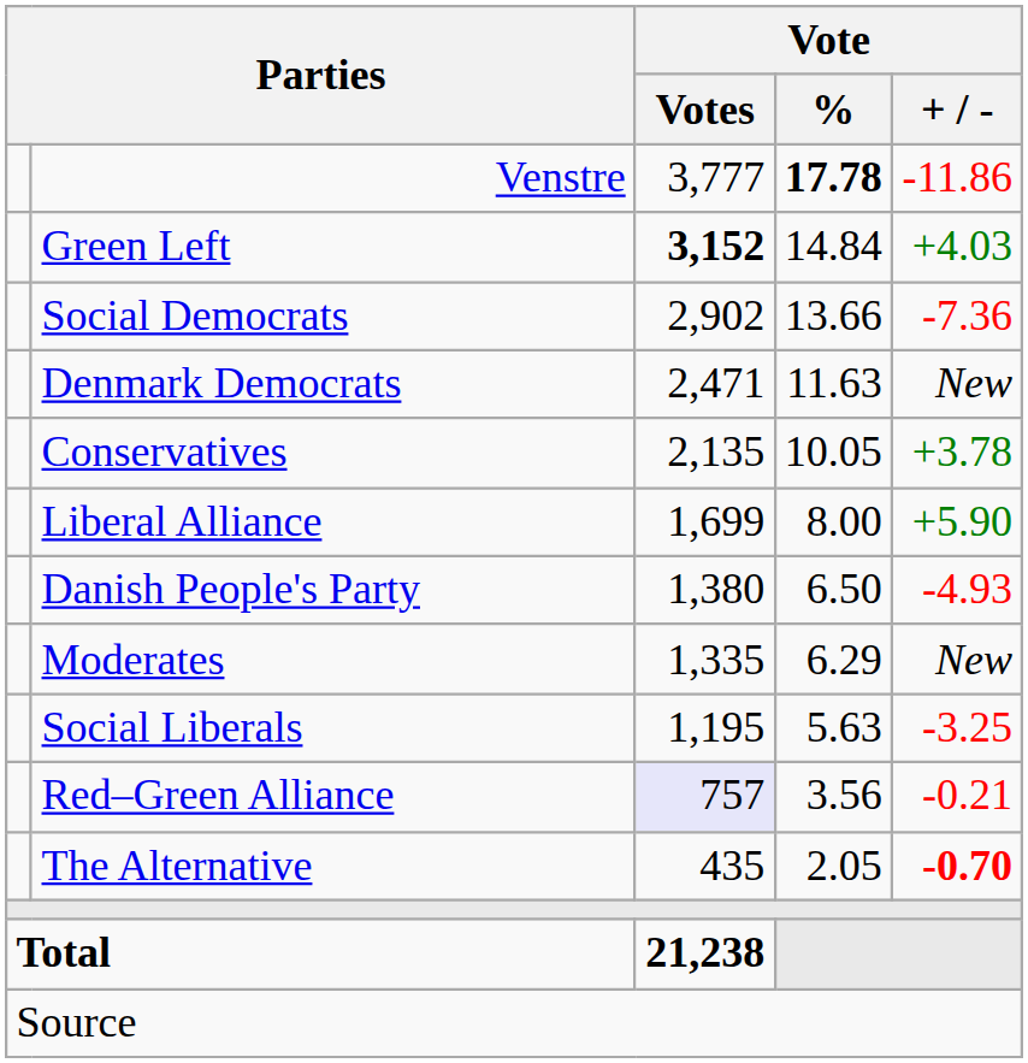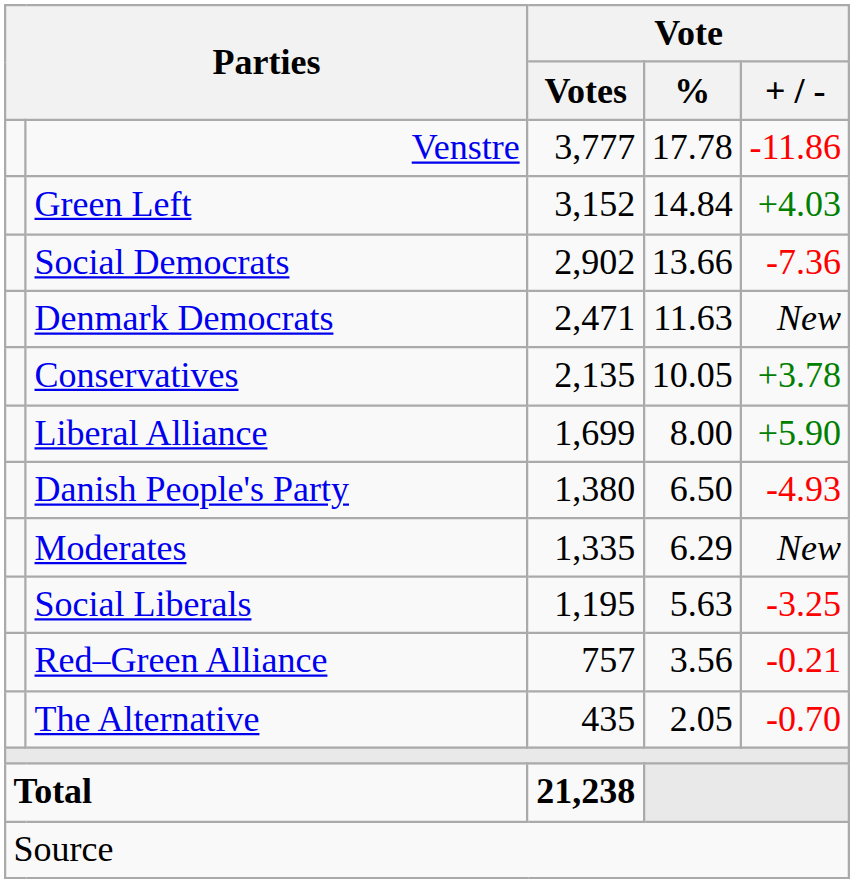 <table class="wikitable" style="text-align:right;">
 <tr>
 <th style="text-align:centre;" rowspan="2" colspan="2" width="225">Parties</th>
 <th colspan="3">Vote</th>
 </tr>
 <tr>
 <th width="15">Votes</th>
 <th width="15">%</th>
 <th width="15">+ / -</th>
 </tr>
 <tr>
 <td width=2 bgcolor=></td>
 <td><a href='#'>Venstre</a></td>
 <td>3,777</td>
-<td><strong>17.78</strong></td>
+<td>17.78</td>
 <td style=color:red;>-11.86</td>
 </tr>
 <tr>
 <td width=2 bgcolor=></td>
 <td align=left><a href='#'>Green Left</a></td>
-<td><strong>3,152</strong></td>
+<td>3,152</td>
 <td>14.84</td>
 <td style=color:green;>+4.03</td>
 </tr>
 <tr>
 <td width=2 bgcolor=></td>
 <td align=left><a href='#'>Social Democrats</a></td>
 <td>2,902</td>
 <td>13.66</td>
 <td style=color:red;>-7.36</td>
 </tr>
 <tr>
 <td width=2 bgcolor=></td>
 <td align=left><a href='#'>Denmark Democrats</a></td>
 <td>2,471</td>
 <td>11.63</td>
 <td><em>New</em></td>
 </tr>
 <tr>
 <td width=2 bgcolor=></td>
 <td align=left><a href='#'>Conservatives</a></td>
 <td>2,135</td>
 <td>10.05</td>
 <td style=color:green;>+3.78</td>
 </tr>
 <tr>
 <td width=2 bgcolor=></td>
 <td align=left><a href='#'>Liberal Alliance</a></td>
 <td>1,699</td>
 <td>8.00</td>
 <td style=color:green;>+5.90</td>
 </tr>
 <tr>
 <td width=2 bgcolor=></td>
 <td align=left><a href='#'>Danish People's Party</a></td>
 <td>1,380</td>
 <td>6.50</td>
 <td style=color:red;>-4.93</td>
 </tr>
 <tr>
 <td width=2 bgcolor=></td>
 <td align=left><a href='#'>Moderates</a></td>
 <td>1,335</td>
 <td>6.29</td>
 <td><em>New</em></td>
 </tr>
 <tr>
 <td width=2 bgcolor=></td>
 <td align=left><a href='#'>Social Liberals</a></td>
 <td>1,195</td>
 <td>5.63</td>
 <td style=color:red;>-3.25</td>
 </tr>
 <tr>
 <td width=2 bgcolor=></td>
 <td align=left><a href='#'>Red–Green Alliance</a></td>
-<td style="background: lavender;">757</td>
+<td>757</td>
 <td>3.56</td>
 <td style=color:red;>-0.21</td>
 </tr>
 <tr>
 <td width=2 bgcolor=></td>
 <td align=left><a href='#'>The Alternative</a></td>
 <td>435</td>
 <td>2.05</td>
-<td style=color:red;><strong>-0.70</strong></td>
+<td style=color:red;>-0.70</td>
 </tr>
 <tr>
 <td colspan="7" bgcolor="#E9E9E9"></td>
 </tr>
 <tr>
 <td align="left" colspan="2"><strong>Total</strong></td>
 <td><strong>21,238</strong></td>
 <td bgcolor=#E9E9E9 colspan=2></td>
 </tr>
 <tr>
 <td align="left" colspan="6">Source</td>
 </tr>
 </table>
